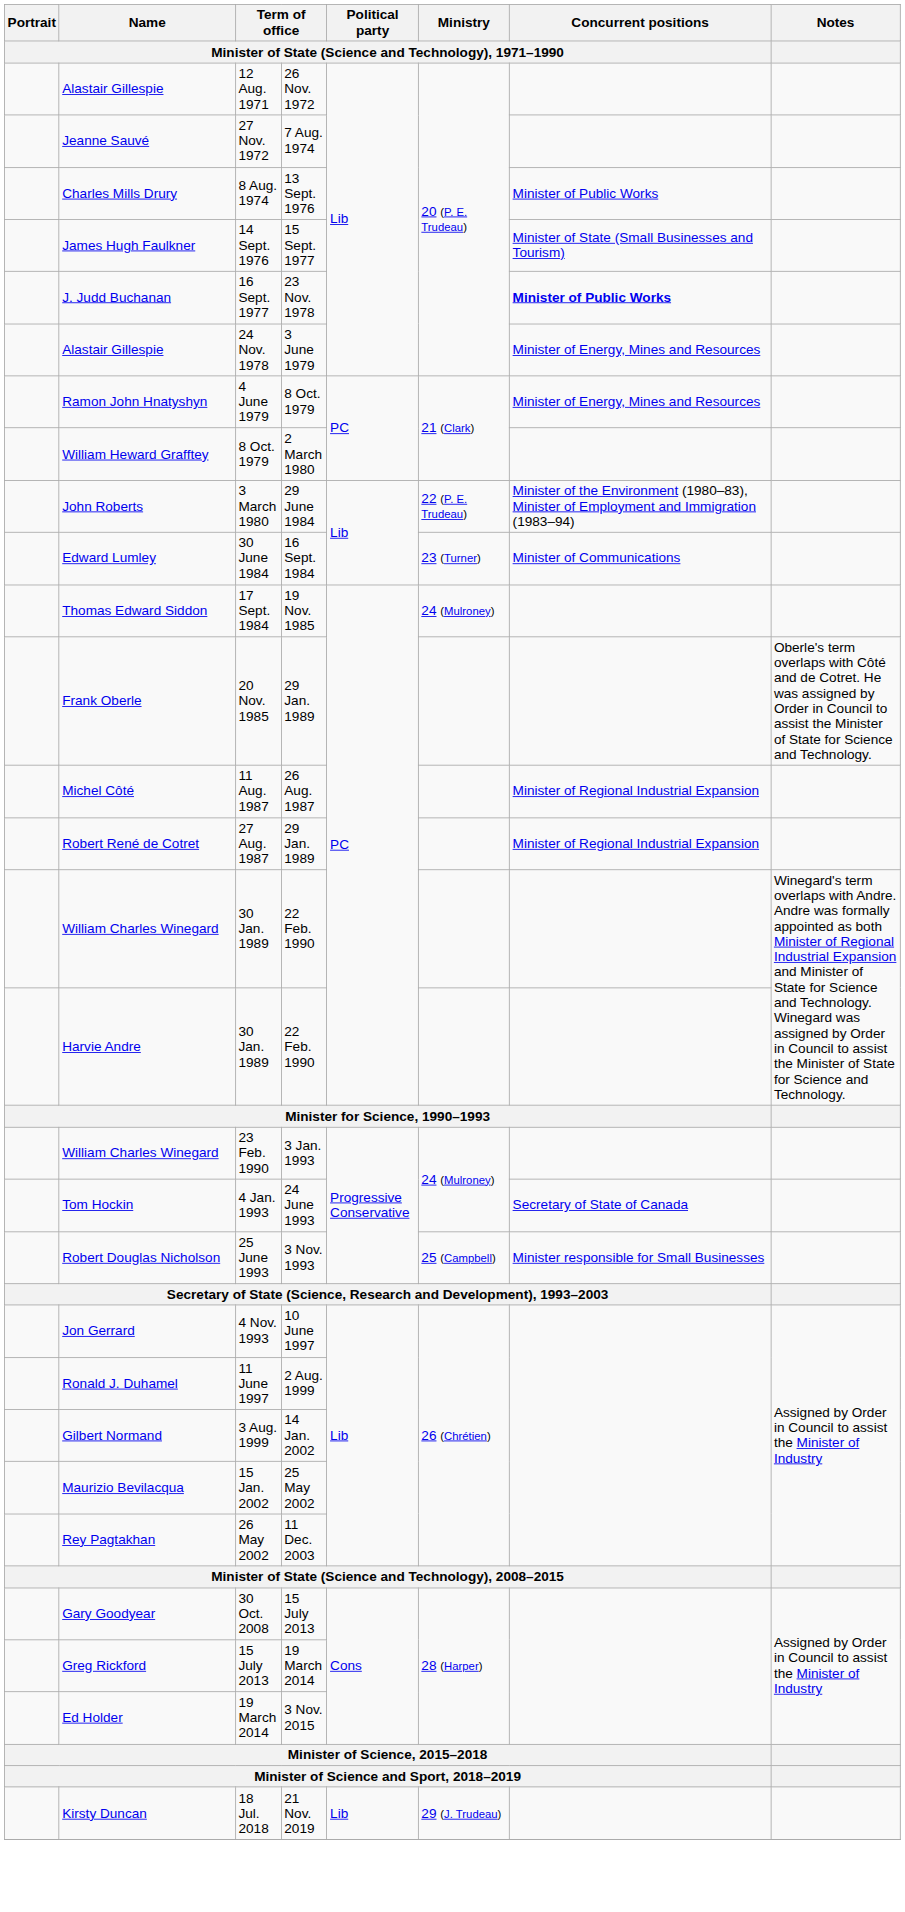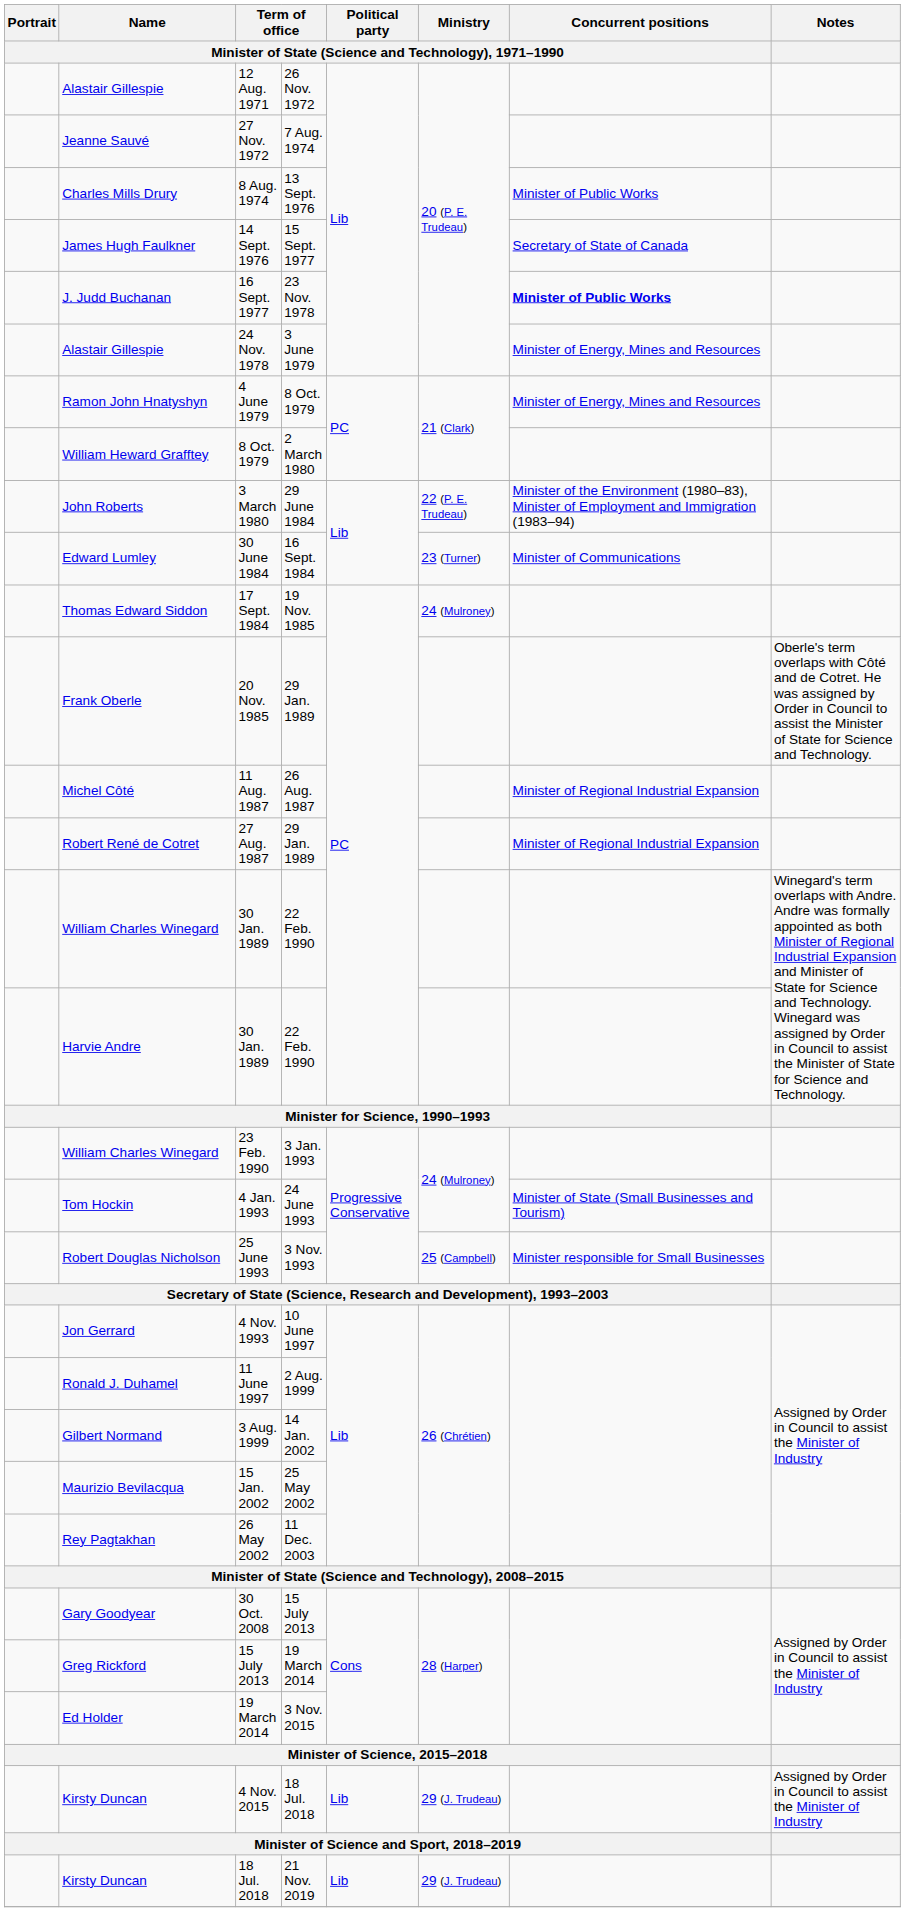 <table class="wikitable" style="width: 1055px">
 <tr>
 <th scope="col" style="width: 55px;">Portrait</th>
 <th scope="col" style="width: 200px;">Name</th>
 <th colspan="2" scope="col">Term of office</th>
 <th scope="col" style="width: 100px;">Political party</th>
 <th scope="col" style="width: 100px;">Ministry</th>
 <th scope="col" style="width: 300px;">Concurrent positions</th>
 <th>Notes</th>
 </tr>
 <tr>
 <th colspan="7">Minister of State (Science and Technology), 1971–1990</th>
 <th></th>
 </tr>
 <tr>
 <td></td>
 <td><a href='#'>Alastair Gillespie</a></td>
 <td>12 Aug. 1971</td>
 <td>26 Nov. 1972</td>
 <td rowspan=6 style="background:"><a href='#'>Lib</a></td>
 <td rowspan=6><a href='#'>20</a> <small>(<a href='#'>P. E. Trudeau</a>)</small></td>
 <td></td>
 <td></td>
 </tr>
 <tr>
 <td></td>
 <td><a href='#'>Jeanne Sauvé</a></td>
 <td>27 Nov. 1972</td>
 <td>7 Aug. 1974</td>
 <td></td>
 <td></td>
 </tr>
 <tr>
 <td></td>
 <td><a href='#'>Charles Mills Drury</a></td>
 <td>8 Aug. 1974</td>
 <td>13 Sept. 1976</td>
 <td><a href='#'>Minister of Public Works</a></td>
 <td></td>
 </tr>
 <tr>
 <td></td>
 <td><a href='#'>James Hugh Faulkner</a></td>
 <td>14 Sept. 1976</td>
 <td>15 Sept. 1977</td>
-<td><a href='#'>Minister of State (Small Businesses and Tourism)</a></td>
+<td><a href='#'>Secretary of State of Canada</a></td>
 <td></td>
 </tr>
 <tr>
 <td></td>
 <td><a href='#'>J. Judd Buchanan</a></td>
 <td>16 Sept. 1977</td>
 <td>23 Nov. 1978</td>
 <td><strong><a href='#'>Minister of Public Works</a></strong></td>
 <td></td>
 </tr>
 <tr>
 <td></td>
 <td><a href='#'>Alastair Gillespie</a></td>
 <td>24 Nov. 1978</td>
 <td>3 June 1979</td>
 <td><a href='#'>Minister of Energy, Mines and Resources</a></td>
 <td></td>
 </tr>
 <tr>
 <td></td>
 <td><a href='#'>Ramon John Hnatyshyn</a></td>
 <td>4 June 1979</td>
 <td>8 Oct. 1979</td>
 <td rowspan=2 style="background:"><a href='#'>PC</a></td>
 <td rowspan=2><a href='#'>21</a> <small>(<a href='#'>Clark</a>)</small></td>
 <td><a href='#'>Minister of Energy, Mines and Resources</a></td>
 <td></td>
 </tr>
 <tr>
 <td></td>
 <td><a href='#'>William Heward Grafftey</a></td>
 <td>8 Oct. 1979</td>
 <td>2 March 1980</td>
 <td></td>
 <td></td>
 </tr>
 <tr>
 <td></td>
 <td><a href='#'>John Roberts</a></td>
 <td>3 March 1980</td>
 <td>29 June 1984</td>
 <td rowspan=2 style="background:"><a href='#'>Lib</a></td>
 <td><a href='#'>22</a> <small>(<a href='#'>P. E. Trudeau</a>)</small></td>
 <td><a href='#'>Minister of the Environment</a> (1980–83), <a href='#'>Minister of Employment and Immigration</a> (1983–94)</td>
 <td></td>
 </tr>
 <tr>
 <td></td>
 <td><a href='#'>Edward Lumley</a></td>
 <td>30 June 1984</td>
 <td>16 Sept. 1984</td>
 <td><a href='#'>23</a> <small>(<a href='#'>Turner</a>)</small></td>
 <td><a href='#'>Minister of Communications</a></td>
 <td></td>
 </tr>
 <tr>
 <td></td>
 <td><a href='#'>Thomas Edward Siddon</a></td>
 <td>17 Sept. 1984</td>
 <td>19 Nov. 1985</td>
 <td rowspan=6 style="background:"><a href='#'>PC</a></td>
 <td><a href='#'>24</a> <small>(<a href='#'>Mulroney</a>)</small></td>
 <td></td>
 <td></td>
 </tr>
 <tr>
 <td></td>
 <td><a href='#'>Frank Oberle</a></td>
 <td>20 Nov. 1985</td>
 <td>29 Jan. 1989</td>
 <td></td>
 <td></td>
 <td>Oberle's term overlaps with Côté and de Cotret. He was assigned by Order in Council to assist the Minister of State for Science and Technology.</td>
 </tr>
 <tr>
 <td></td>
 <td><a href='#'>Michel Côté</a></td>
 <td>11 Aug. 1987</td>
 <td>26 Aug. 1987</td>
 <td></td>
 <td><a href='#'>Minister of Regional Industrial Expansion</a></td>
 <td></td>
 </tr>
 <tr>
 <td></td>
 <td><a href='#'>Robert René de Cotret</a></td>
 <td>27 Aug. 1987</td>
 <td>29 Jan. 1989</td>
 <td></td>
 <td><a href='#'>Minister of Regional Industrial Expansion</a></td>
 <td></td>
 </tr>
 <tr>
 <td></td>
 <td><a href='#'>William Charles Winegard</a></td>
 <td>30 Jan. 1989</td>
 <td>22 Feb. 1990</td>
 <td></td>
 <td></td>
 <td rowspan="2">Winegard's term overlaps with Andre. Andre was formally appointed as both <a href='#'>Minister of Regional Industrial Expansion</a> and Minister of State for Science and Technology. Winegard was assigned by Order in Council to assist the Minister of State for Science and Technology.</td>
 </tr>
 <tr>
 <td></td>
 <td><a href='#'>Harvie Andre</a></td>
 <td>30 Jan. 1989</td>
 <td>22 Feb. 1990</td>
 <td></td>
 <td></td>
 </tr>
 <tr>
 <th colspan=7>Minister for Science, 1990–1993</th>
 <th></th>
 </tr>
 <tr>
 <td></td>
 <td><a href='#'>William Charles Winegard</a></td>
 <td>23 Feb. 1990</td>
 <td>3 Jan. 1993</td>
 <td rowspan=3 style="background:"><a href='#'>Progressive <br>Conservative</a></td>
 <td rowspan=2><a href='#'>24</a> <small>(<a href='#'>Mulroney</a>)</small></td>
 <td></td>
 <td></td>
 </tr>
 <tr>
 <td></td>
 <td><a href='#'>Tom Hockin</a></td>
 <td>4 Jan. 1993</td>
 <td>24 June 1993</td>
-<td><a href='#'>Secretary of State of Canada</a></td>
+<td><a href='#'>Minister of State (Small Businesses and Tourism)</a></td>
 <td></td>
 </tr>
 <tr>
 <td></td>
 <td><a href='#'>Robert Douglas Nicholson</a></td>
 <td>25 June 1993</td>
 <td>3 Nov. 1993</td>
 <td><a href='#'>25</a> <small>(<a href='#'>Campbell</a>)</small></td>
 <td><a href='#'>Minister responsible for Small Businesses</a></td>
 <td></td>
 </tr>
 <tr>
 <th colspan=7>Secretary of State (Science, Research and Development), 1993–2003</th>
 <th></th>
 </tr>
 <tr>
 <td></td>
 <td><a href='#'>Jon Gerrard</a></td>
 <td>4 Nov. 1993</td>
 <td>10 June 1997</td>
 <td rowspan=5 style="background:"><a href='#'>Lib</a></td>
 <td rowspan=5><a href='#'>26</a> <small>(<a href='#'>Chrétien</a>)</small></td>
 <td rowspan=5></td>
 <td rowspan="5">Assigned by Order in Council to assist the <a href='#'>Minister of Industry</a></td>
 </tr>
 <tr>
 <td></td>
 <td><a href='#'>Ronald J. Duhamel</a></td>
 <td>11 June 1997</td>
 <td>2 Aug. 1999</td>
 </tr>
 <tr>
 <td></td>
 <td><a href='#'>Gilbert Normand</a></td>
 <td>3 Aug. 1999</td>
 <td>14 Jan. 2002</td>
 </tr>
 <tr>
 <td></td>
 <td><a href='#'>Maurizio Bevilacqua</a></td>
 <td>15 Jan. 2002</td>
 <td>25 May 2002</td>
 </tr>
 <tr>
 <td></td>
 <td><a href='#'>Rey Pagtakhan</a></td>
 <td>26 May 2002</td>
 <td>11 Dec. 2003</td>
 </tr>
 <tr>
 <th colspan=7>Minister of State (Science and Technology), 2008–2015</th>
 <th></th>
 </tr>
 <tr>
 <td></td>
 <td><a href='#'>Gary Goodyear</a></td>
 <td>30 Oct. 2008</td>
 <td>15 July 2013</td>
 <td rowspan=3 style="background:"><a href='#'>Cons</a></td>
 <td rowspan=3><a href='#'>28</a> <small>(<a href='#'>Harper</a>)</small></td>
 <td rowspan=3></td>
 <td rowspan="3">Assigned by Order in Council to assist the <a href='#'>Minister of Industry</a></td>
 </tr>
 <tr>
 <td></td>
 <td><a href='#'>Greg Rickford</a></td>
 <td>15 July 2013</td>
 <td>19 March 2014</td>
 </tr>
 <tr>
 <td></td>
 <td><a href='#'>Ed Holder</a></td>
 <td>19 March 2014</td>
 <td>3 Nov. 2015</td>
 </tr>
 <tr>
 <th colspan=7>Minister of Science, 2015–2018</th>
 <th></th>
 </tr>
 <tr>
+<td></td>
+<td><a href='#'>Kirsty Duncan</a></td>
+<td>4 Nov. 2015</td>
+<td>18 Jul. 2018</td>
+<td style="background:"><a href='#'>Lib</a></td>
+<td><a href='#'>29</a> <small>(<a href='#'>J. Trudeau</a>)</small></td>
+<td></td>
+<td>Assigned by Order in Council to assist the <a href='#'>Minister of Industry</a></td>
+</tr>
+<tr>
 <th colspan="7">Minister of Science and Sport, 2018–2019</th>
 <th></th>
 </tr>
 <tr>
 <td></td>
 <td><a href='#'>Kirsty Duncan</a></td>
 <td>18 Jul. 2018</td>
 <td>21 Nov. 2019</td>
 <td style="background:"><a href='#'>Lib</a></td>
 <td><a href='#'>29</a> <small>(<a href='#'>J. Trudeau</a>)</small></td>
 <td></td>
 <td></td>
 </tr>
 <tr>
 </tr>
 </table>
